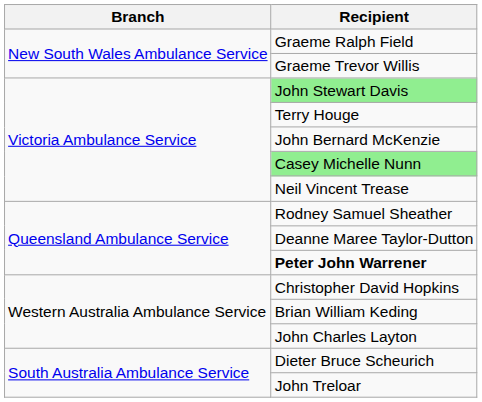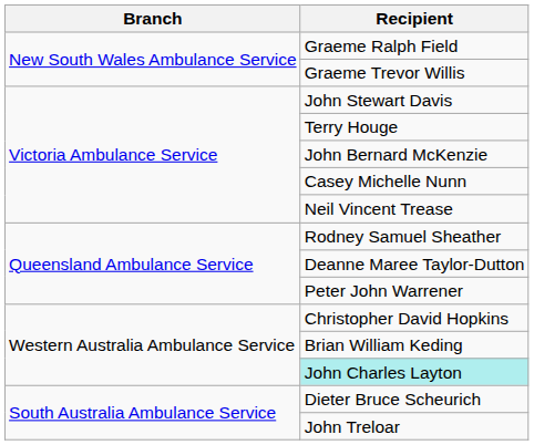 <table class="wikitable" style="font-size:95%;">
 <tr>
 <th>Branch</th>
 <th>Recipient</th>
 </tr>
 <tr>
 <td rowspan="2"><a href='#'>New South Wales Ambulance Service</a></td>
 <td>Graeme Ralph Field</td>
 </tr>
 <tr>
 <td>Graeme Trevor Willis</td>
 </tr>
 <tr>
 <td rowspan="5"><a href='#'>Victoria Ambulance Service</a></td>
-<td style="background: lightgreen;">John Stewart Davis</td>
+<td>John Stewart Davis</td>
 </tr>
 <tr>
 <td>Terry Houge</td>
 </tr>
 <tr>
 <td>John Bernard McKenzie</td>
 </tr>
 <tr>
-<td style="background: lightgreen;">Casey Michelle Nunn</td>
+<td>Casey Michelle Nunn</td>
 </tr>
 <tr>
 <td>Neil Vincent Trease</td>
 </tr>
 <tr>
 <td rowspan="3"><a href='#'>Queensland Ambulance Service</a></td>
 <td>Rodney Samuel Sheather</td>
 </tr>
 <tr>
 <td>Deanne Maree Taylor-Dutton</td>
 </tr>
 <tr>
-<td><strong>Peter John Warrener</strong></td>
+<td>Peter John Warrener</td>
 </tr>
 <tr>
 <td rowspan="3">Western Australia Ambulance Service</td>
 <td>Christopher David Hopkins</td>
 </tr>
 <tr>
 <td>Brian William Keding</td>
 </tr>
 <tr>
-<td>John Charles Layton</td>
+<td style="background: paleturquoise;">John Charles Layton</td>
 </tr>
 <tr>
 <td rowspan="2"><a href='#'>South Australia Ambulance Service</a></td>
 <td>Dieter Bruce Scheurich</td>
 </tr>
 <tr>
 <td>John Treloar</td>
 </tr>
 </table>
